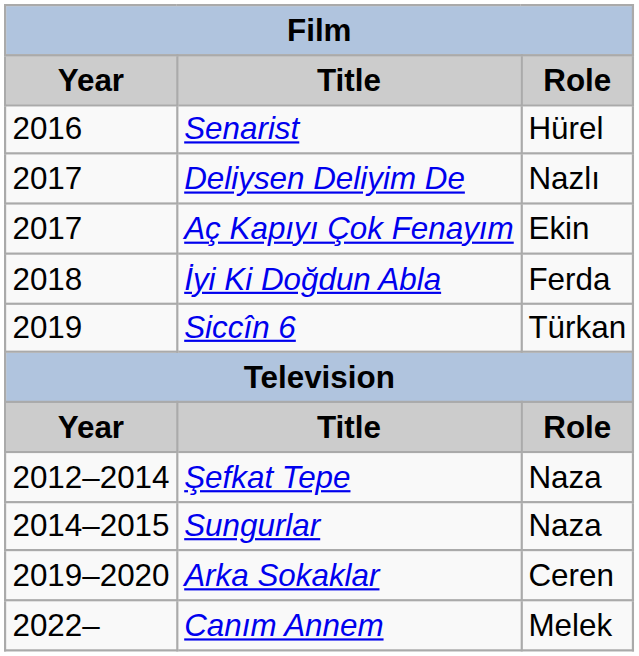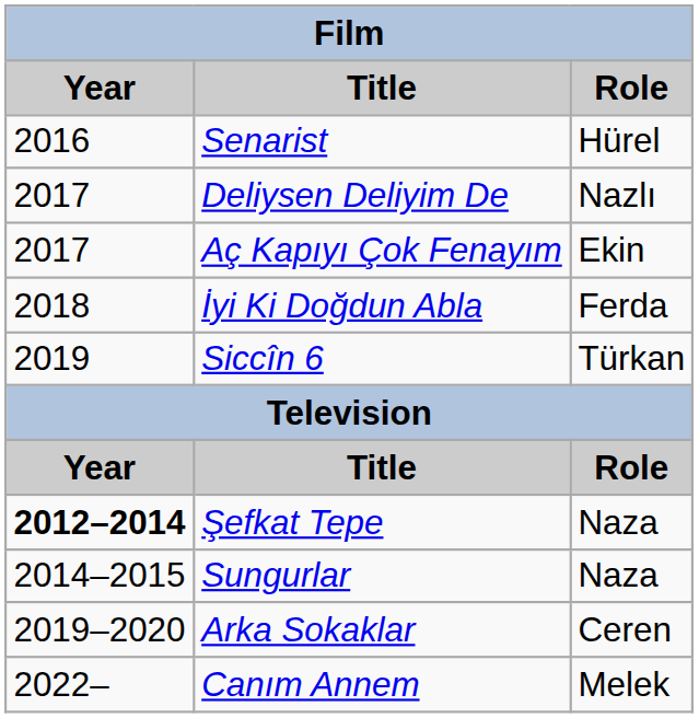 <table class="wikitable" style="font-size:90%">
 <tr>
 <th colspan="4" style="background:LightSteelBlue">Film</th>
 </tr>
 <tr>
 <th style="background:#CCCCCC">Year</th>
 <th style="background:#CCCCCC">Title</th>
 <th style="background:#CCCCCC">Role</th>
 </tr>
 <tr>
 <td>2016</td>
 <td><em><a href='#'>Senarist</a></em></td>
 <td>Hürel</td>
 </tr>
 <tr>
 <td>2017</td>
 <td><em><a href='#'>Deliysen Deliyim De</a></em></td>
 <td>Nazlı</td>
 </tr>
 <tr>
 <td>2017</td>
 <td><em><a href='#'>Aç Kapıyı Çok Fenayım</a></em></td>
 <td>Ekin</td>
 </tr>
 <tr>
 <td>2018</td>
 <td><em><a href='#'>İyi Ki Doğdun Abla</a></em></td>
 <td>Ferda</td>
 </tr>
 <tr>
 <td>2019</td>
 <td><em><a href='#'>Siccîn 6</a></em></td>
 <td>Türkan</td>
 </tr>
 <tr>
 <th colspan=4 style="background:LightSteelBlue">Television</th>
 </tr>
 <tr>
 <th style="background:#CCCCCC">Year</th>
 <th style="background:#CCCCCC">Title</th>
 <th style="background:#CCCCCC">Role</th>
 </tr>
 <tr>
-<td>2012–2014</td>
+<td><strong>2012–2014</strong></td>
 <td><em><a href='#'>Şefkat Tepe</a></em></td>
 <td>Naza</td>
 </tr>
 <tr>
 <td>2014–2015</td>
 <td><em><a href='#'>Sungurlar</a></em></td>
 <td>Naza</td>
 </tr>
 <tr>
 <td>2019–2020</td>
 <td><em><a href='#'>Arka Sokaklar</a></em></td>
 <td>Ceren</td>
 </tr>
 <tr>
 <td>2022–</td>
 <td><em><a href='#'>Canım Annem</a></em></td>
 <td>Melek</td>
 </tr>
 </table>
